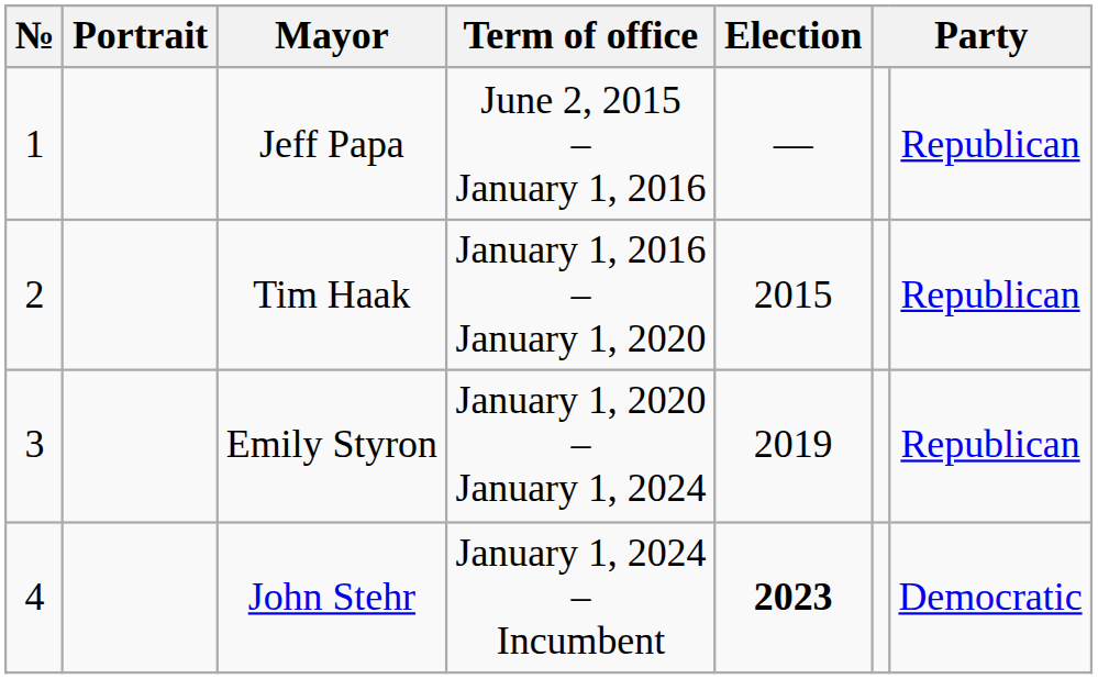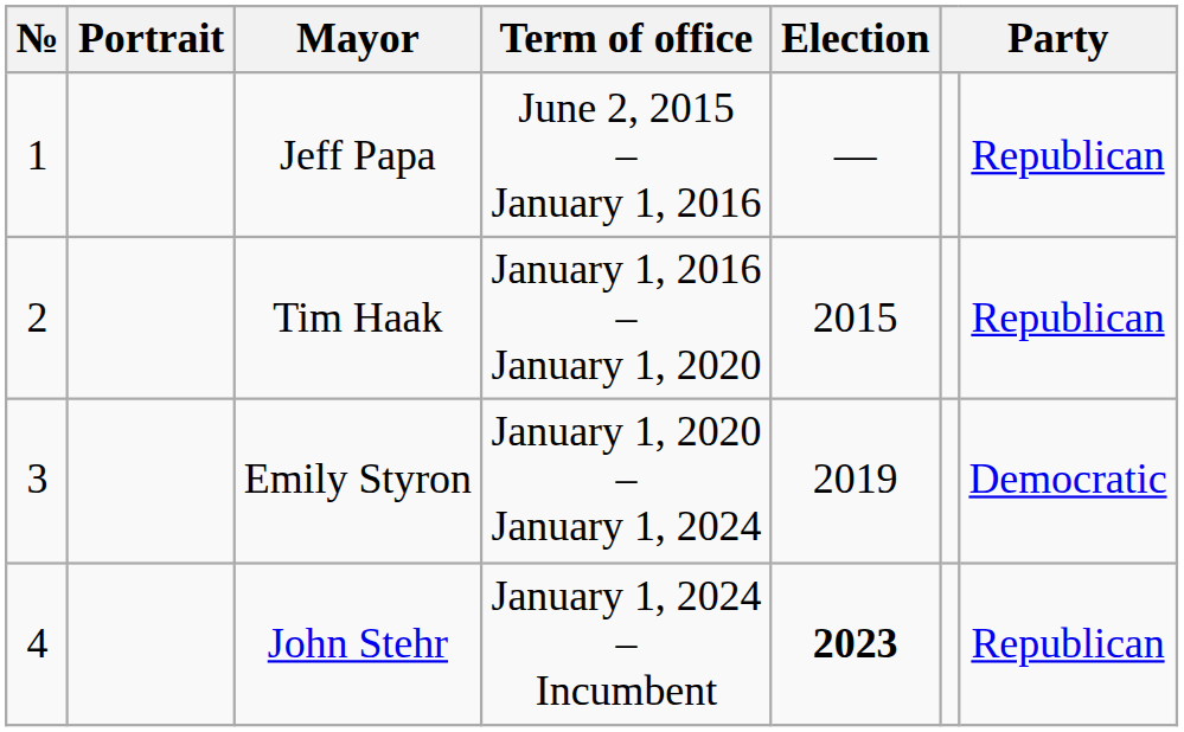 <table class="wikitable" style="text-align: center">
 <tr>
 <th>№</th>
 <th>Portrait</th>
 <th>Mayor</th>
 <th>Term of office</th>
 <th>Election</th>
 <th colspan=2>Party</th>
 </tr>
 <tr>
 <td>1</td>
 <td></td>
 <td>Jeff Papa</td>
 <td>June 2, 2015<br>–<br>January 1, 2016</td>
 <td>—</td>
 <td style="background-color:"></td>
 <td><a href='#'>Republican</a></td>
 </tr>
 <tr>
 <td>2</td>
 <td></td>
 <td>Tim Haak</td>
 <td>January 1, 2016<br>–<br>January 1, 2020</td>
 <td>2015</td>
 <td style="background-color:"></td>
 <td><a href='#'>Republican</a></td>
 </tr>
 <tr>
 <td>3</td>
 <td></td>
 <td>Emily Styron</td>
 <td>January 1, 2020<br>–<br>January 1, 2024</td>
 <td>2019</td>
 <td style="background-color:"></td>
-<td><a href='#'>Republican</a></td>
+<td><a href='#'>Democratic</a></td>
 </tr>
 <tr>
 <td>4</td>
 <td></td>
 <td><a href='#'>John Stehr</a></td>
 <td>January 1, 2024<br>–<br>Incumbent</td>
 <td><strong>2023</strong></td>
 <td style="background-color:"></td>
-<td><a href='#'>Democratic</a></td>
+<td><a href='#'>Republican</a></td>
 </tr>
 </table>
